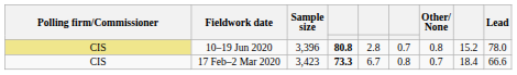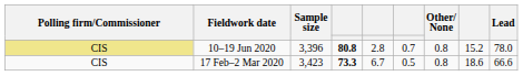 <table class="wikitable collapsible collapsed" style="text-align:center; font-size:90%; line-height:14px;">
 <tr style="height:42px;">
 <th style="width:250px;" rowspan="2">Polling firm/Commissioner</th>
 <th style="width:125px;" rowspan="2">Fieldwork date</th>
 <th style="width:50px;" rowspan="2">Sample size</th>
 <th style="width:35px;"></th>
 <th style="width:35px;"></th>
 <th style="width:35px;"></th>
 <th style="width:35px;" rowspan="2">Other/<br>None</th>
 <th style="width:35px;" rowspan="2"></th>
 <th style="width:30px;" rowspan="2">Lead</th>
 </tr>
 <tr>
 <th style="color:inherit;background:"></th>
 <th style="color:inherit;background:"></th>
 <th style="color:inherit;background:"></th>
 </tr>
 <tr>
 <td style="background: khaki;">CIS</td>
 <td>10–19 Jun 2020</td>
 <td>3,396</td>
 <td><strong>80.8</strong></td>
 <td>2.8</td>
 <td>0.7</td>
 <td>0.8</td>
 <td>15.2</td>
 <td style="background:">78.0</td>
 </tr>
 <tr>
 <td>CIS</td>
 <td>17 Feb–2 Mar 2020</td>
 <td>3,423</td>
 <td><strong>73.3</strong></td>
 <td>6.7</td>
+<td>0.5</td>
 <td>0.8</td>
-<td>0.7</td>
-<td>18.4</td>
+<td>18.6</td>
 <td style="background:">66.6</td>
 </tr>
 </table>
